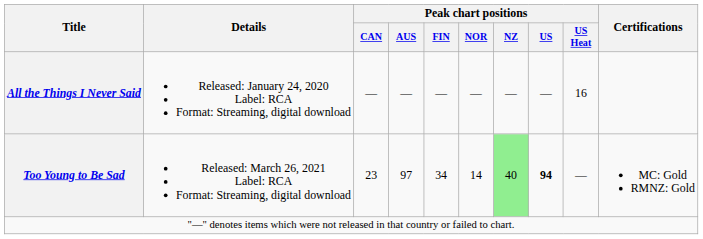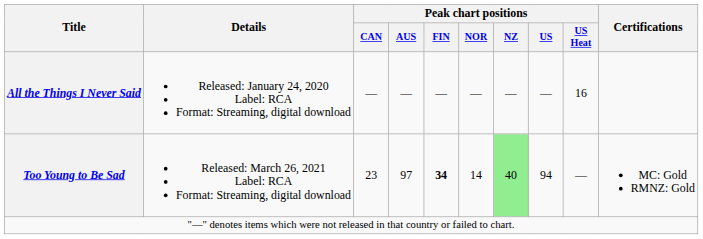 <table class="wikitable plainrowheaders" style="text-align:center;">
 <tr>
 <th scope="col" rowspan="2">Title</th>
 <th scope="col" rowspan="2">Details</th>
 <th colspan="7">Peak chart positions</th>
 <th scope="col" rowspan="2">Certifications</th>
 </tr>
 <tr>
 <th scope="col" style="width:3em;font-size:85%;"><a href='#'>CAN</a><br></th>
 <th scope="col" style="width:3em;font-size:85%;"><a href='#'>AUS</a><br></th>
 <th scope="col" style="width:3em;font-size:85%;"><a href='#'>FIN</a><br></th>
 <th scope="col" style="width:3em;font-size:85%;"><a href='#'>NOR</a><br></th>
 <th scope="col" style="width:3em;font-size:85%;"><a href='#'>NZ</a><br></th>
 <th scope="col" style="width:3em;font-size:85%;"><a href='#'>US</a><br></th>
 <th scope="col" style="width:3em;font-size:85%;"><a href='#'>US<br>Heat</a><br></th>
 </tr>
 <tr>
 <th scope="row"><em><a href='#'>All the Things I Never Said</a></em></th>
 <td><br><ul><li>Released: January 24, 2020</li><li>Label: RCA</li><li>Format: Streaming, digital download</li></ul></td>
 <td>—</td>
 <td>—</td>
 <td>—</td>
 <td>—</td>
 <td>—</td>
 <td>—</td>
 <td>16</td>
 <td></td>
 </tr>
 <tr>
 <th scope="row"><em><a href='#'>Too Young to Be Sad</a></em></th>
 <td><br><ul><li>Released: March 26, 2021</li><li>Label: RCA</li><li>Format: Streaming, digital download</li></ul></td>
 <td>23</td>
 <td>97</td>
-<td>34</td>
+<td><strong>34</strong></td>
 <td>14</td>
 <td style="background: lightgreen;">40</td>
-<td><strong>94</strong></td>
+<td>94</td>
 <td>—</td>
 <td><br><ul><li>MC: Gold</li><li>RMNZ: Gold</li></ul></td>
 </tr>
 <tr>
 <td colspan="14" style="font-size:90%;">"—" denotes items which were not released in that country or failed to chart.</td>
 </tr>
 </table>
